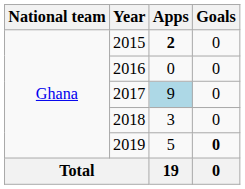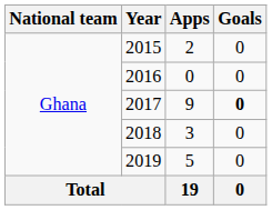 <table class="wikitable" style="text-align:center">
 <tr>
 <th>National team</th>
 <th>Year</th>
 <th>Apps</th>
 <th>Goals</th>
 </tr>
 <tr>
 <td rowspan="5"><a href='#'>Ghana</a></td>
 <td>2015</td>
-<td><strong>2</strong></td>
+<td>2</td>
 <td>0</td>
 </tr>
 <tr>
 <td>2016</td>
 <td>0</td>
 <td>0</td>
 </tr>
 <tr>
 <td>2017</td>
-<td style="background: lightblue;">9</td>
-<td>0</td>
+<td>9</td>
+<td><strong>0</strong></td>
 </tr>
 <tr>
 <td>2018</td>
 <td>3</td>
 <td>0</td>
 </tr>
 <tr>
 <td>2019</td>
 <td>5</td>
-<td><strong>0</strong></td>
+<td>0</td>
 </tr>
 <tr>
 <th colspan="2">Total</th>
 <th>19</th>
 <th>0</th>
 </tr>
 </table>
